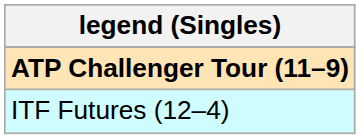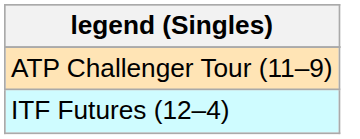 <table class=wikitable style=font-size:97%>
 <tr>
 <th>legend (Singles)</th>
 </tr>
 <tr style="background:#e5d1cb">
 </tr>
 <tr style="background:moccasin">
-<td><strong>ATP Challenger Tour (11–9)</strong></td>
+<td>ATP Challenger Tour (11–9)</td>
 </tr>
 <tr style="background:#cffcff">
 <td>ITF Futures (12–4)</td>
 </tr>
 </table>
